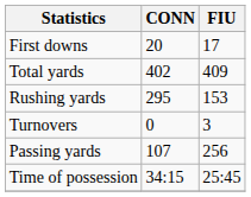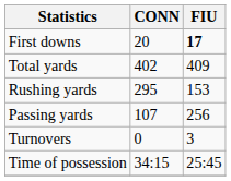 <table class="wikitable">
 <tr>
 <th>Statistics</th>
 <th>CONN</th>
 <th>FIU</th>
 </tr>
 <tr>
 <td>First downs</td>
 <td>20</td>
-<td>17</td>
+<td><strong>17</strong></td>
 </tr>
 <tr>
 <td>Total yards</td>
 <td>402</td>
 <td>409</td>
 </tr>
 <tr>
 <td>Rushing yards</td>
 <td>295</td>
 <td>153</td>
 </tr>
 <tr>
+<td>Passing yards</td>
+<td>107</td>
+<td>256</td>
+</tr>
+<tr>
 <td>Turnovers</td>
 <td>0</td>
 <td>3</td>
-</tr>
-<tr>
-<td>Passing yards</td>
-<td>107</td>
-<td>256</td>
 </tr>
 <tr>
 <td>Time of possession</td>
 <td>34:15</td>
 <td>25:45</td>
 </tr>
 <tr>
 </tr>
 </table>
